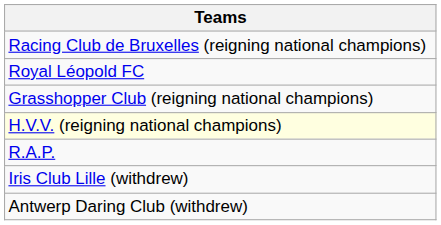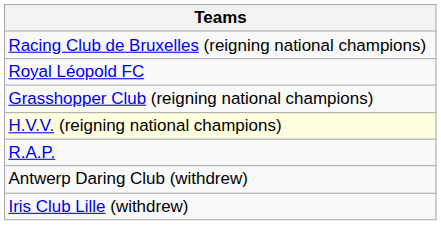 <table class="wikitable">
 <tr>
 <th width=400px>Teams</th>
 </tr>
 <tr>
 <td> <a href='#'>Racing Club de Bruxelles</a> (reigning national champions)</td>
 </tr>
 <tr>
 <td> <a href='#'>Royal Léopold FC</a></td>
 </tr>
 <tr>
 <td> <a href='#'>Grasshopper Club</a> (reigning national champions)</td>
 </tr>
 <tr>
 <td style="background: lightyellow;"> <a href='#'>H.V.V.</a> (reigning national champions)</td>
 </tr>
 <tr>
 <td> <a href='#'>R.A.P.</a></td>
 </tr>
 <tr>
+<td> Antwerp Daring Club (withdrew)</td>
+</tr>
+<tr>
 <td> <a href='#'>Iris Club Lille</a> (withdrew)</td>
 </tr>
-<tr>
-<td> Antwerp Daring Club (withdrew)</td>
-</tr>
 </table>
